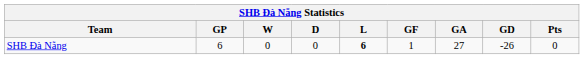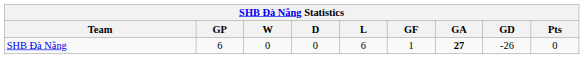 <table width=70% class="wikitable" style="text-align:center;">
 <tr>
 <th colspan=9><a href='#'>SHB Đà Nẵng</a> Statistics</th>
 </tr>
 <tr>
 <th width=20%>Team</th>
 <th width=5%>GP</th>
 <th width=5%>W</th>
 <th width=5%>D</th>
 <th width=5%>L</th>
 <th width=5%>GF</th>
 <th width=5%>GA</th>
 <th width=5%>GD</th>
 <th width=5%>Pts</th>
 </tr>
 <tr>
 <td style="text-align:left;"> <a href='#'>SHB Đà Nẵng</a></td>
 <td>6</td>
 <td>0</td>
 <td>0</td>
-<td><strong>6</strong></td>
+<td>6</td>
 <td>1</td>
-<td>27</td>
+<td><strong>27</strong></td>
 <td>-26</td>
 <td>0</td>
 </tr>
 </table>
